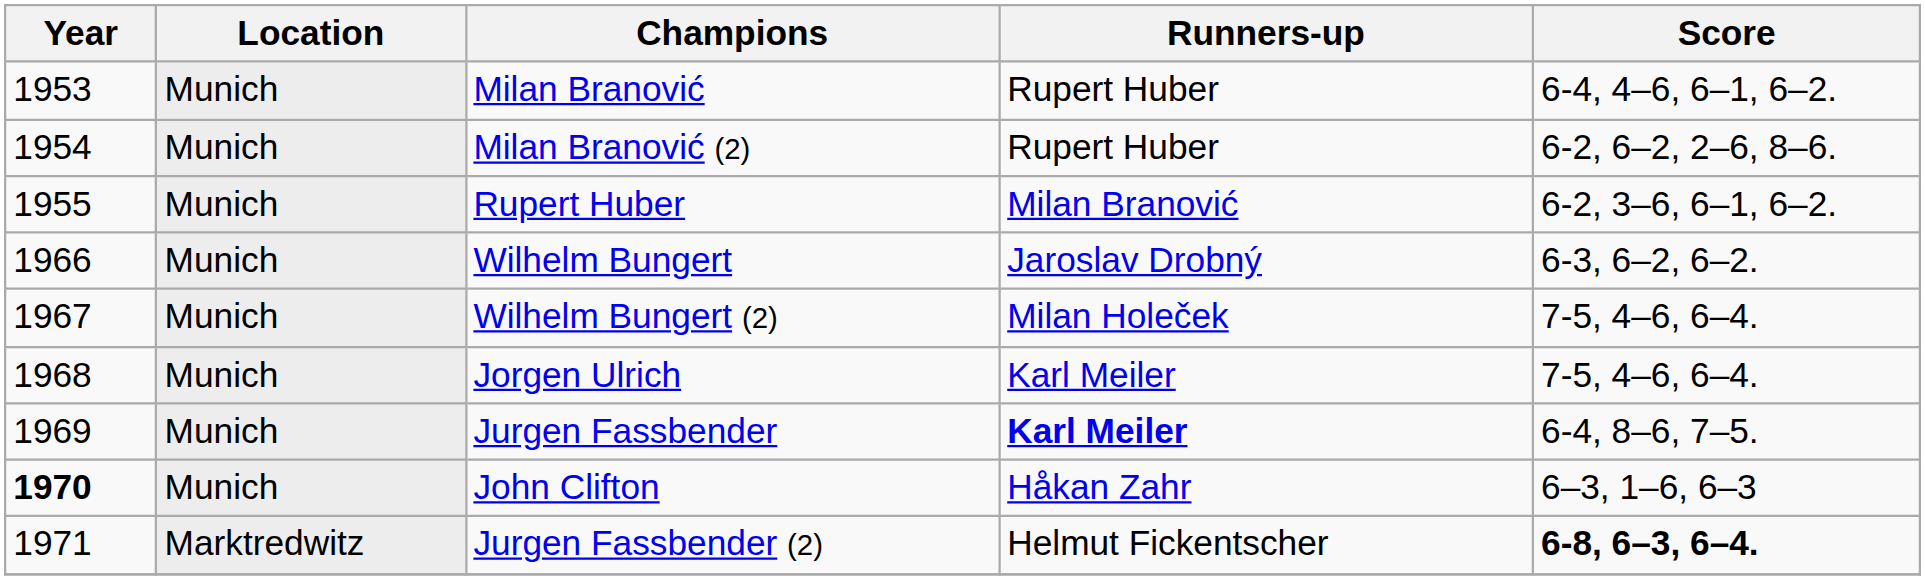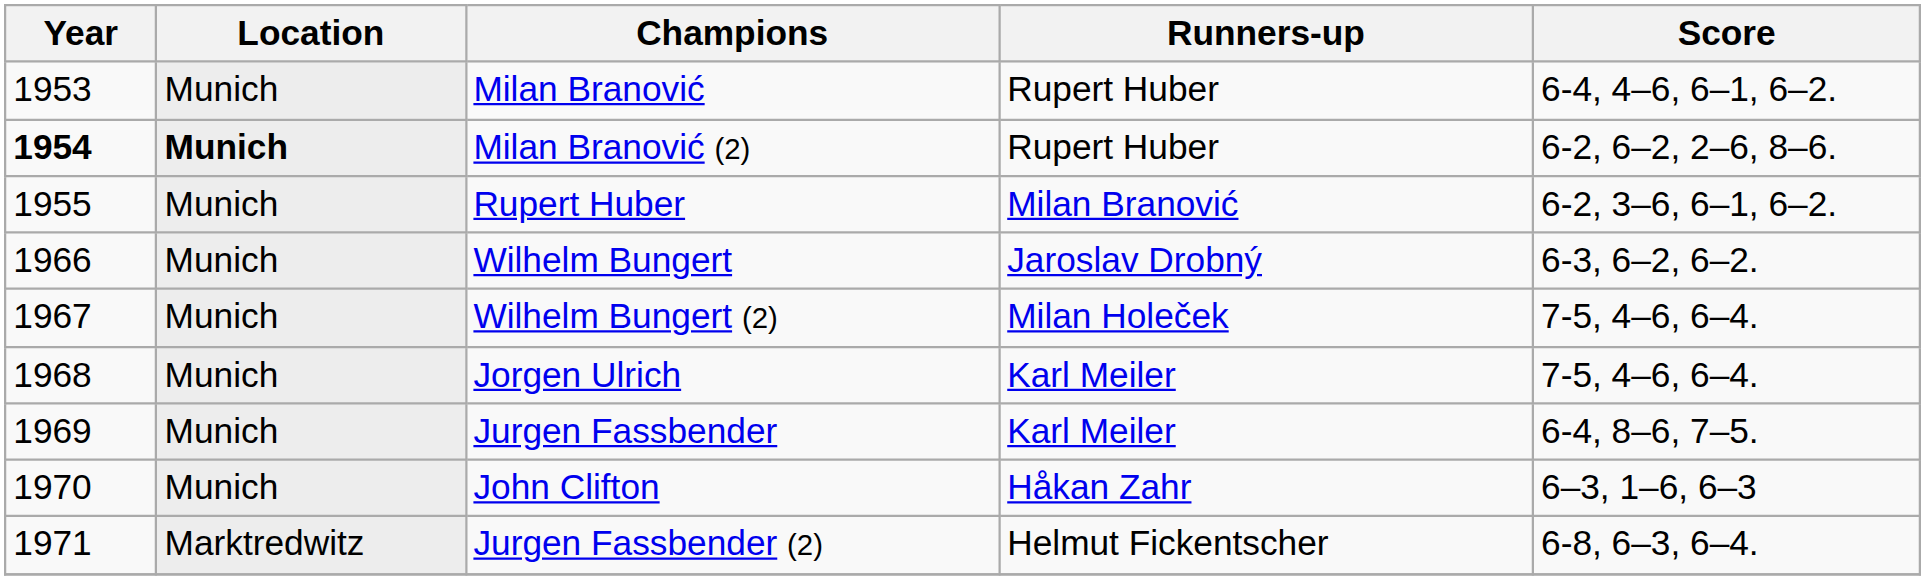 <table class="wikitable" style="font-size:98%;">
 <tr>
 <th style="width:60px;">Year</th>
 <th style="width:130px;">Location</th>
 <th style="width:230px;">Champions</th>
 <th style="width:230px;">Runners-up</th>
 <th style="width:165px;">Score</th>
 </tr>
 <tr>
 <td>1953</td>
 <td style="background:#ededed">Munich</td>
 <td> <a href='#'>Milan Branović</a></td>
 <td> Rupert Huber</td>
 <td>6-4, 4–6, 6–1, 6–2.</td>
 </tr>
 <tr>
-<td>1954</td>
-<td style="background:#ededed">Munich</td>
+<td><strong>1954</strong></td>
+<td style="background:#ededed"><strong>Munich</strong></td>
 <td> <a href='#'>Milan Branović</a> <small>(2)</small></td>
 <td> Rupert Huber</td>
 <td>6-2, 6–2, 2–6, 8–6.</td>
 </tr>
 <tr>
 <td>1955</td>
 <td style="background:#ededed">Munich</td>
 <td> <a href='#'>Rupert Huber</a></td>
 <td> <a href='#'>Milan Branović</a></td>
 <td>6-2, 3–6, 6–1, 6–2.</td>
 </tr>
 <tr>
 <td>1966</td>
 <td style="background:#ededed">Munich</td>
 <td> <a href='#'>Wilhelm Bungert</a></td>
 <td> <a href='#'>Jaroslav Drobný</a></td>
 <td>6-3, 6–2, 6–2.</td>
 </tr>
 <tr>
 <td>1967</td>
 <td style="background:#ededed">Munich</td>
 <td> <a href='#'>Wilhelm Bungert</a> <small>(2)</small></td>
 <td> <a href='#'>Milan Holeček</a></td>
 <td>7-5, 4–6, 6–4.</td>
 </tr>
 <tr>
 <td>1968</td>
 <td style="background:#ededed">Munich</td>
 <td>  <a href='#'>Jorgen Ulrich</a></td>
 <td> <a href='#'>Karl Meiler</a></td>
 <td>7-5, 4–6, 6–4.</td>
 </tr>
 <tr>
 <td>1969</td>
 <td style="background:#ededed">Munich</td>
 <td> <a href='#'>Jurgen Fassbender</a></td>
-<td><strong> <a href='#'>Karl Meiler</a></strong></td>
+<td> <a href='#'>Karl Meiler</a></td>
 <td>6-4, 8–6, 7–5.</td>
 </tr>
 <tr>
-<td><strong>1970</strong></td>
+<td>1970</td>
 <td style="background:#ededed">Munich</td>
 <td> <a href='#'>John Clifton</a></td>
 <td> <a href='#'>Håkan Zahr</a></td>
 <td>6–3, 1–6, 6–3</td>
 </tr>
 <tr>
 <td>1971</td>
 <td style="background:#ededed">Marktredwitz</td>
 <td> <a href='#'>Jurgen Fassbender</a> <small>(2)</small></td>
 <td> Helmut Fickentscher</td>
-<td><strong>6-8, 6–3, 6–4.</strong></td>
+<td>6-8, 6–3, 6–4.</td>
 </tr>
 <tr>
 </tr>
 </table>
